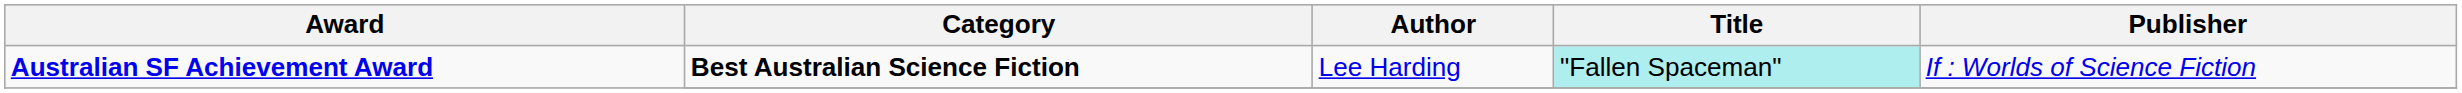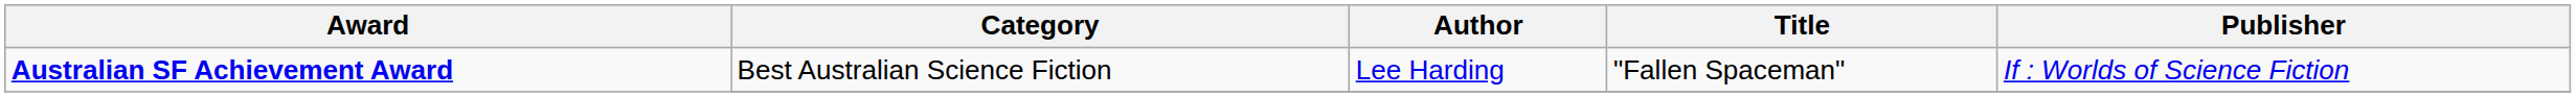 <table class="wikitable" width=95%>
 <tr>
 <th>Award</th>
 <th>Category</th>
 <th>Author</th>
 <th>Title</th>
 <th>Publisher</th>
 </tr>
 <tr>
 <td rowspan=2><strong><a href='#'> Australian SF Achievement Award</a></strong></td>
-<td><strong>Best Australian Science Fiction</strong></td>
+<td>Best Australian Science Fiction</td>
 <td><a href='#'>Lee Harding</a></td>
-<td style="background: paleturquoise;">"Fallen Spaceman"</td>
+<td>"Fallen Spaceman"</td>
 <td><em><a href='#'>If : Worlds of Science Fiction</a></em></td>
 </tr>
 <tr>
 </tr>
 </table>
